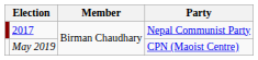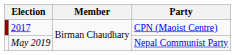 <table class="wikitable">
 <tr>
 <th colspan="2">Election</th>
 <th>Member</th>
 <th>Party</th>
 </tr>
 <tr>
 <td style="background-color:darkred"></td>
 <td><a href='#'>2017</a></td>
 <td rowspan="2">Birman Chaudhary</td>
-<td><a href='#'>Nepal Communist Party</a></td>
+<td><a href='#'>CPN (Maoist Centre)</a></td>
 </tr>
 <tr>
 <td style="background-color:"></td>
 <td><em>May 2019</em></td>
-<td><a href='#'>CPN (Maoist Centre)</a></td>
+<td><a href='#'>Nepal Communist Party</a></td>
 </tr>
 </table>
